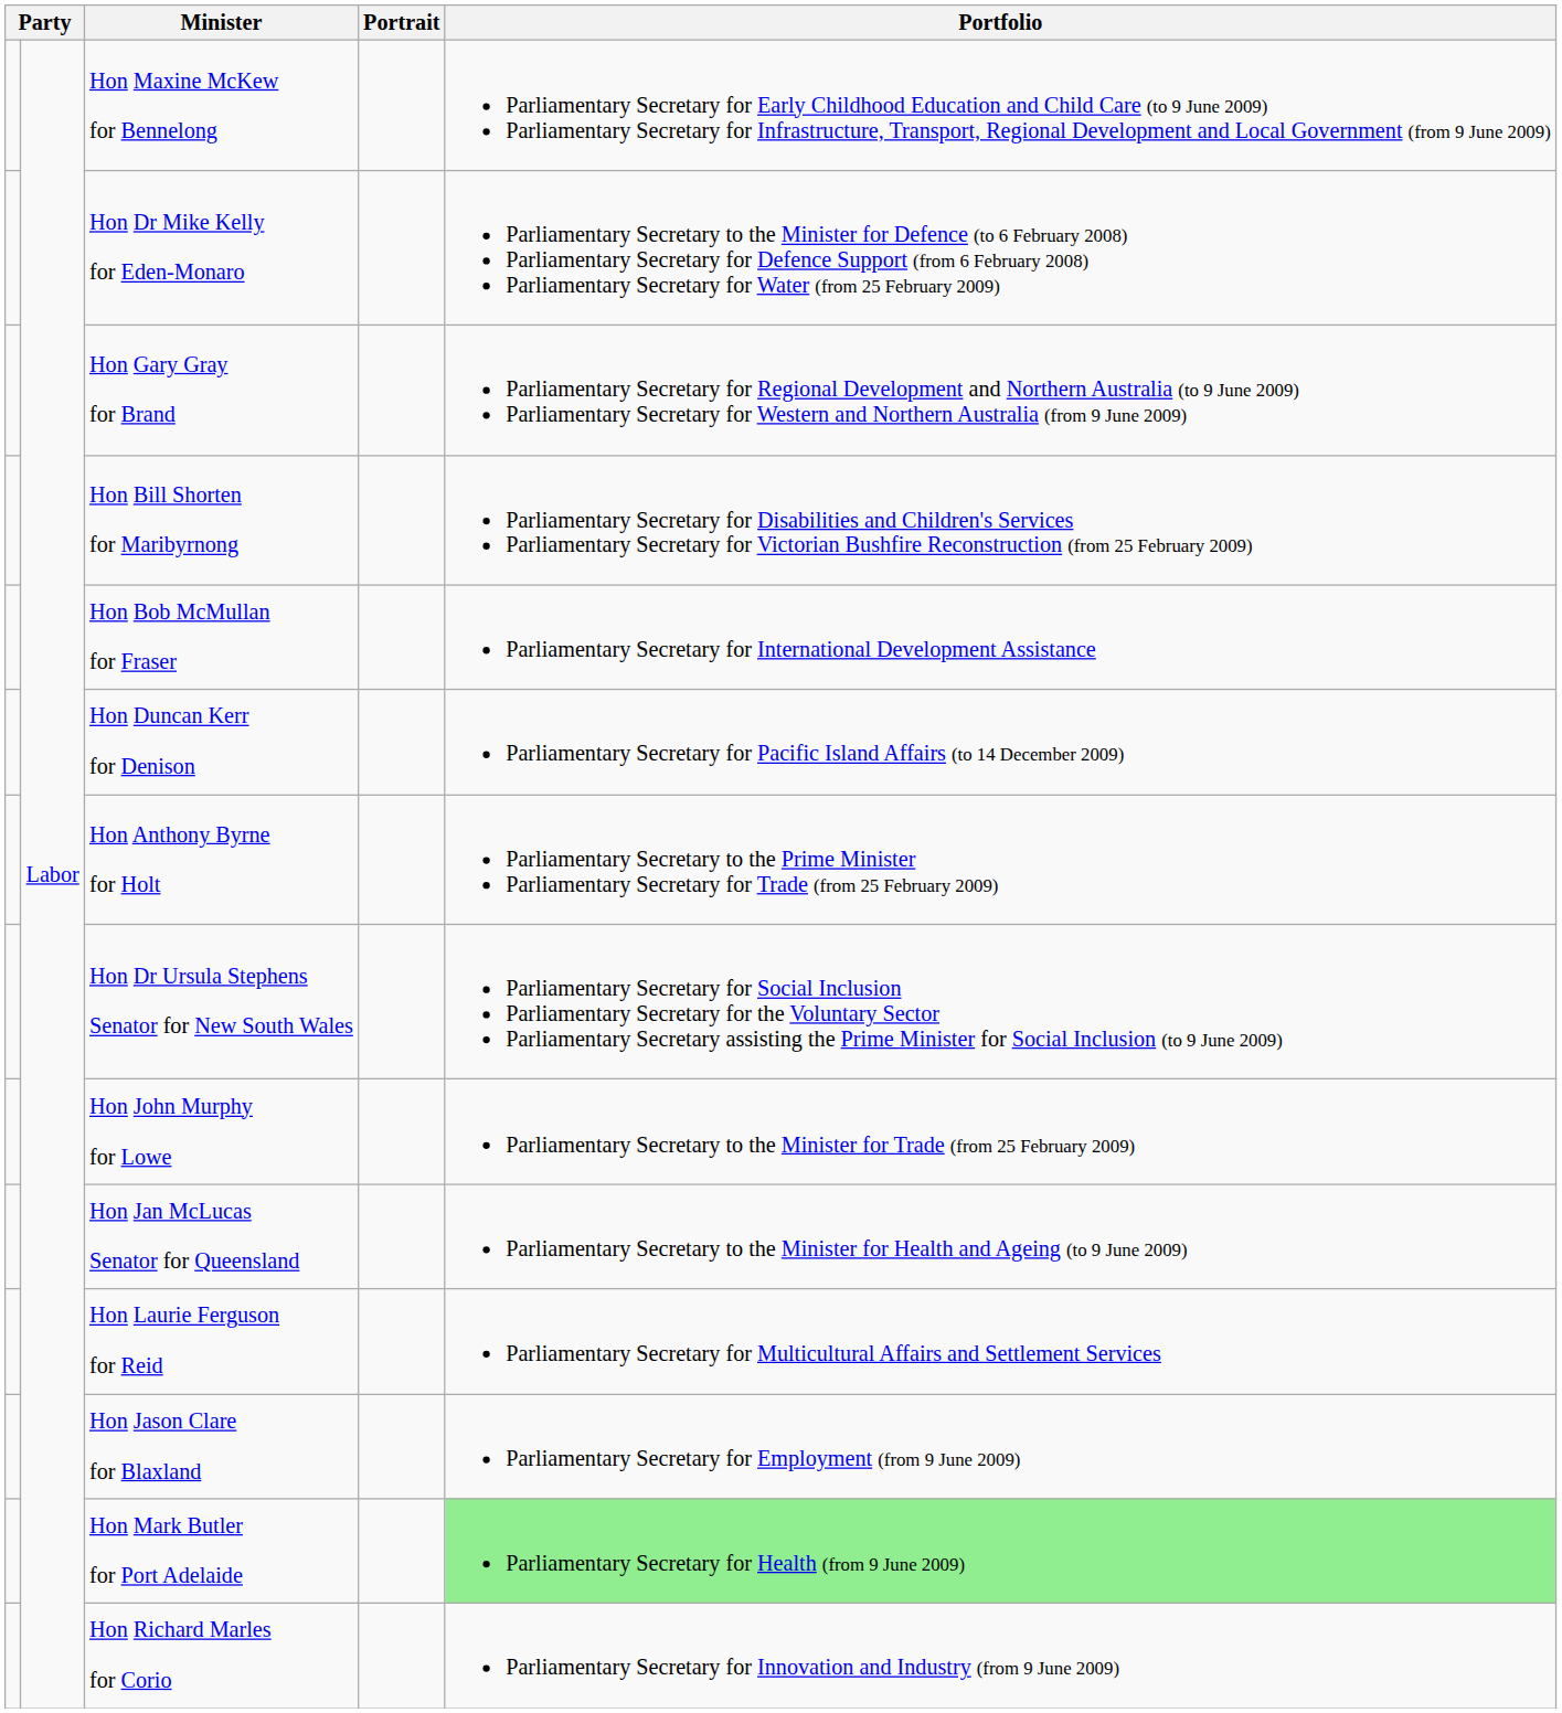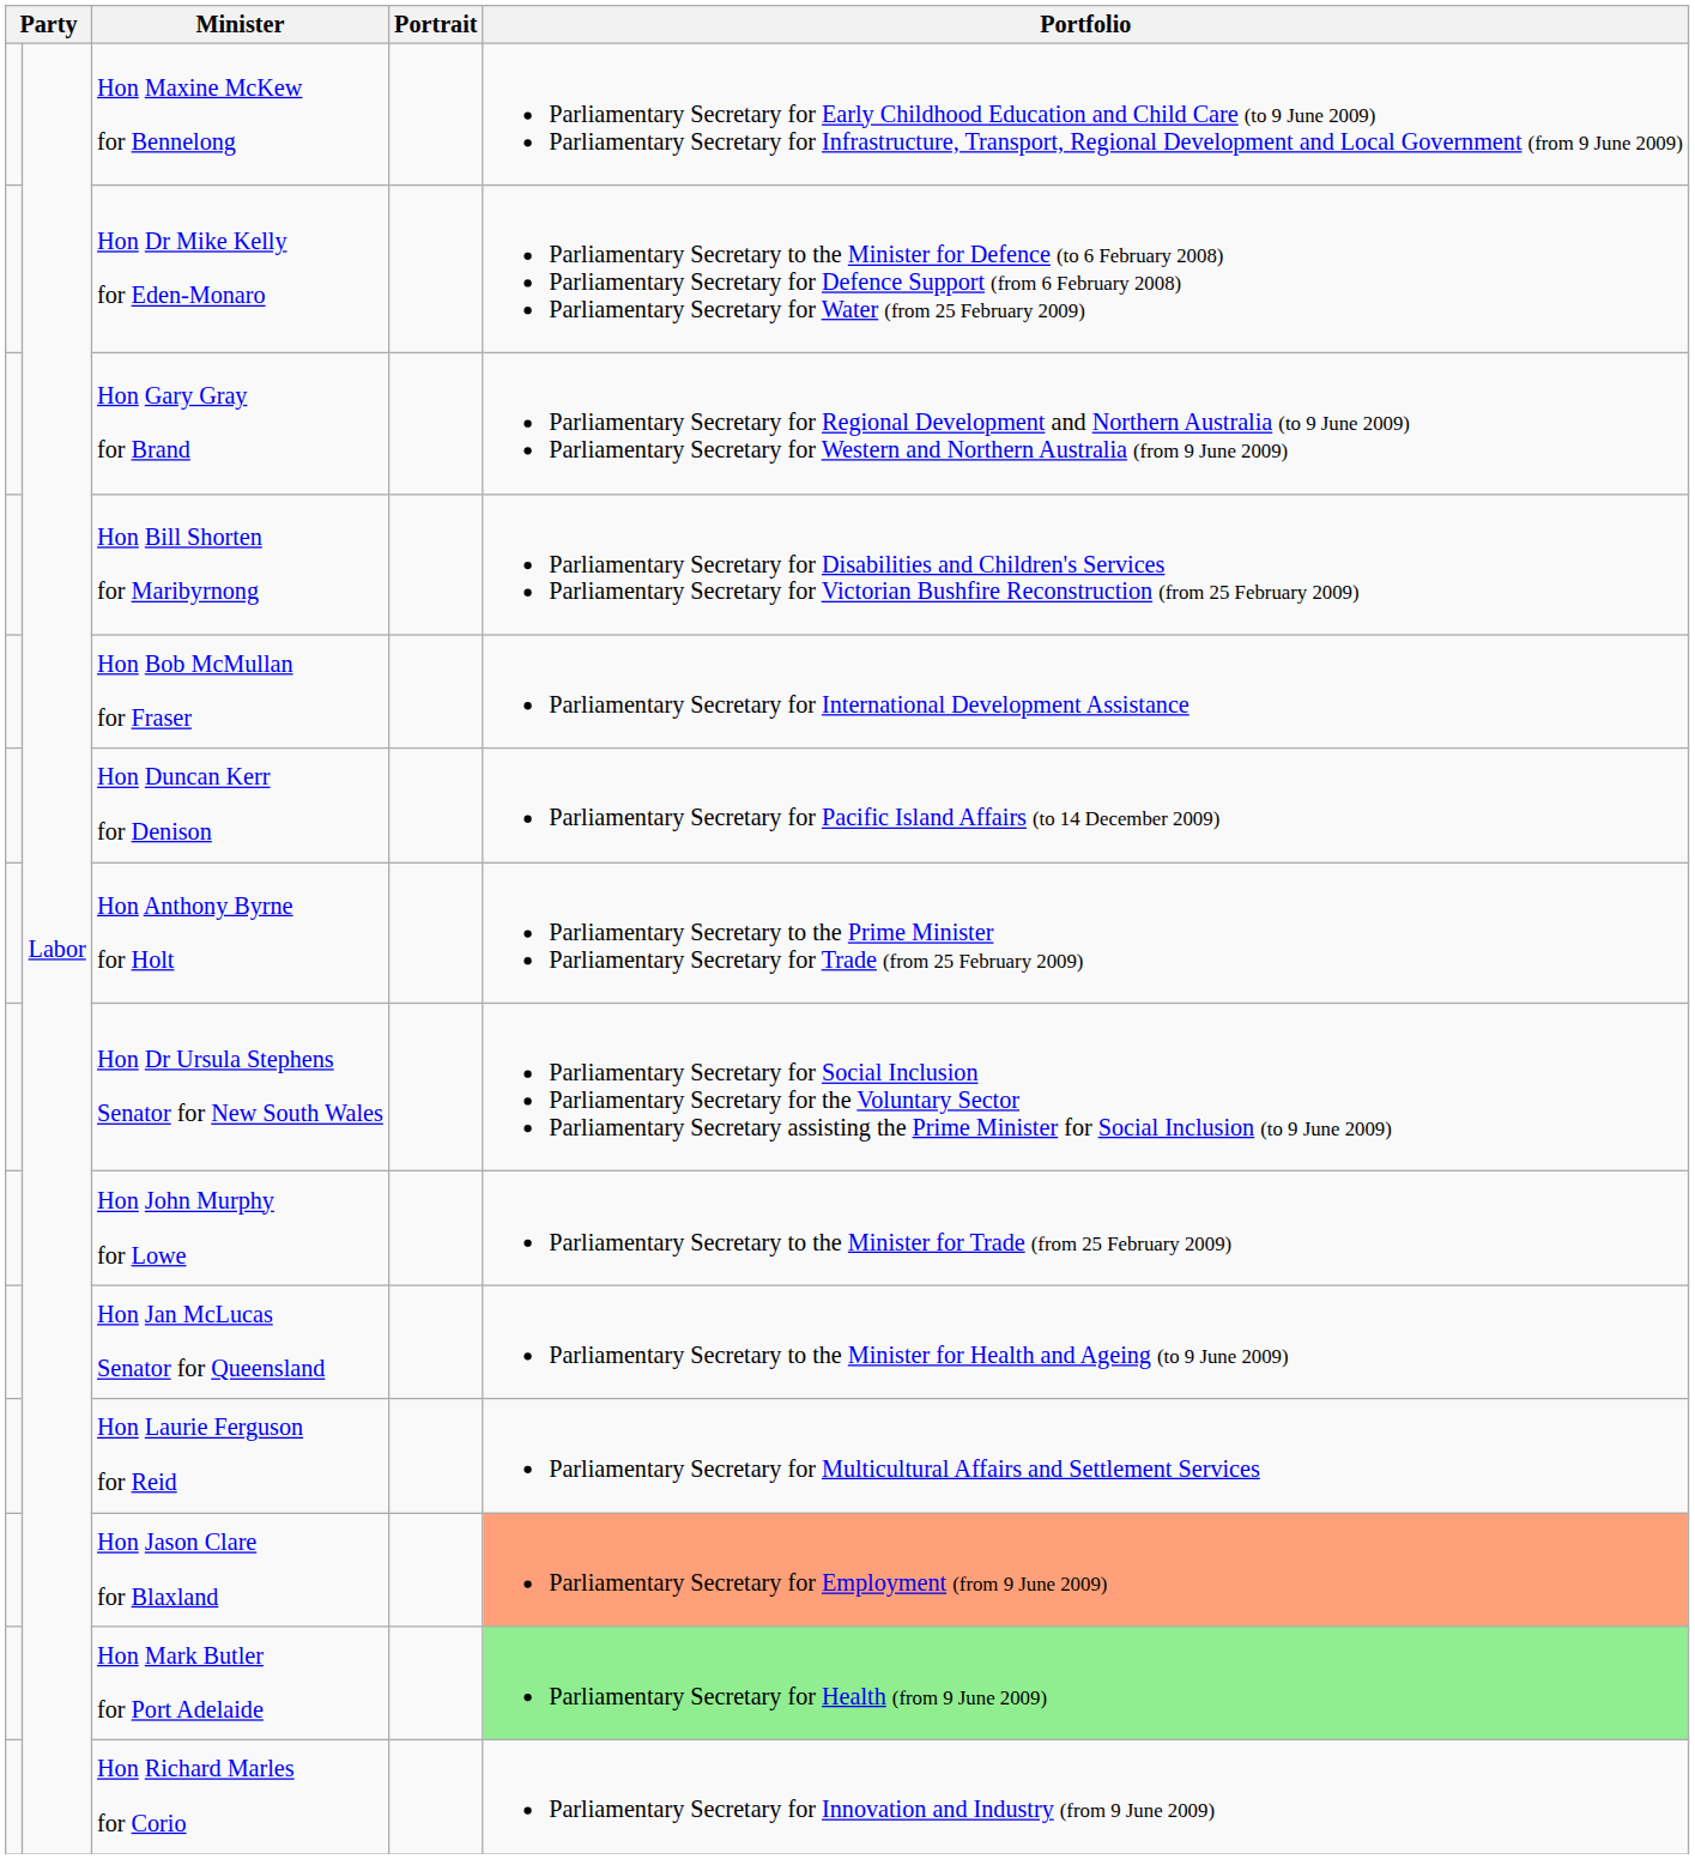 <table class="wikitable sortable">
 <tr>
 <th colspan="2">Party</th>
 <th>Minister</th>
 <th>Portrait</th>
 <th>Portfolio</th>
 </tr>
 <tr>
 <td> </td>
 <td rowspan=14><a href='#'>Labor</a></td>
 <td><a href='#'>Hon</a> <a href='#'>Maxine McKew</a> <br><br> for <a href='#'>Bennelong</a> <br></td>
 <td></td>
 <td><br><ul><li>Parliamentary Secretary for <a href='#'>Early Childhood Education and Child Care</a> <small>(to 9 June 2009)</small></li><li>Parliamentary Secretary for <a href='#'>Infrastructure, Transport, Regional Development and Local Government</a> <small>(from 9 June 2009)</small></li></ul></td>
 </tr>
 <tr>
 <td> </td>
 <td><a href='#'>Hon</a> <a href='#'>Dr Mike Kelly</a>  <br><br> for <a href='#'>Eden-Monaro</a> <br></td>
 <td></td>
 <td><br><ul><li>Parliamentary Secretary to the <a href='#'>Minister for Defence</a> <small>(to 6 February 2008)</small></li><li>Parliamentary Secretary for <a href='#'>Defence Support</a> <small>(from 6 February 2008)</small></li><li>Parliamentary Secretary for <a href='#'>Water</a> <small>(from 25 February 2009)</small></li></ul></td>
 </tr>
 <tr>
 <td> </td>
 <td><a href='#'>Hon</a> <a href='#'>Gary Gray</a>  <br><br> for <a href='#'>Brand</a> <br></td>
 <td></td>
 <td><br><ul><li>Parliamentary Secretary for <a href='#'>Regional Development</a> and <a href='#'>Northern Australia</a> <small>(to 9 June 2009)</small></li><li>Parliamentary Secretary for <a href='#'>Western and Northern Australia</a> <small>(from 9 June 2009)</small></li></ul></td>
 </tr>
 <tr>
 <td> </td>
 <td><a href='#'>Hon</a> <a href='#'>Bill Shorten</a> <br><br> for <a href='#'>Maribyrnong</a> <br></td>
 <td></td>
 <td><br><ul><li>Parliamentary Secretary for <a href='#'>Disabilities and Children's Services</a></li><li>Parliamentary Secretary for <a href='#'>Victorian Bushfire Reconstruction</a> <small>(from 25 February 2009)</small></li></ul></td>
 </tr>
 <tr>
 <td> </td>
 <td><a href='#'>Hon</a> <a href='#'>Bob McMullan</a> <br><br> for <a href='#'>Fraser</a> <br></td>
 <td></td>
 <td><br><ul><li>Parliamentary Secretary for <a href='#'>International Development Assistance</a></li></ul></td>
 </tr>
 <tr>
 <td> </td>
 <td><a href='#'>Hon</a> <a href='#'>Duncan Kerr</a>  <br><br> for <a href='#'>Denison</a> <br></td>
 <td></td>
 <td><br><ul><li>Parliamentary Secretary for <a href='#'>Pacific Island Affairs</a> <small>(to 14 December 2009)</small></li></ul></td>
 </tr>
 <tr>
 <td> </td>
 <td><a href='#'>Hon</a> <a href='#'>Anthony Byrne</a> <br><br> for <a href='#'>Holt</a> <br></td>
 <td></td>
 <td><br><ul><li>Parliamentary Secretary to the <a href='#'>Prime Minister</a></li><li>Parliamentary Secretary for <a href='#'>Trade</a> <small>(from 25 February 2009)</small></li></ul></td>
 </tr>
 <tr>
 <td> </td>
 <td><a href='#'>Hon</a> <a href='#'>Dr Ursula Stephens</a> <br><br><a href='#'>Senator</a> for <a href='#'>New South Wales</a> <br></td>
 <td></td>
 <td><br><ul><li>Parliamentary Secretary for <a href='#'>Social Inclusion</a></li><li>Parliamentary Secretary for the <a href='#'>Voluntary Sector</a></li><li>Parliamentary Secretary assisting the <a href='#'>Prime Minister</a> for <a href='#'>Social Inclusion</a> <small>(to 9 June 2009)</small></li></ul></td>
 </tr>
 <tr>
 <td> </td>
 <td><a href='#'>Hon</a> <a href='#'>John Murphy</a> <br><br> for <a href='#'>Lowe</a> <br></td>
 <td></td>
 <td><br><ul><li>Parliamentary Secretary to the <a href='#'>Minister for Trade</a> <small>(from 25 February 2009)</small></li></ul></td>
 </tr>
 <tr>
 <td> </td>
 <td><a href='#'>Hon</a> <a href='#'>Jan McLucas</a> <br><br><a href='#'>Senator</a> for <a href='#'>Queensland</a> <br></td>
 <td></td>
 <td><br><ul><li>Parliamentary Secretary to the <a href='#'>Minister for Health and Ageing</a> <small>(to 9 June 2009)</small></li></ul></td>
 </tr>
 <tr>
 <td> </td>
 <td><a href='#'>Hon</a> <a href='#'>Laurie Ferguson</a> <br><br> for <a href='#'>Reid</a> <br></td>
 <td></td>
 <td><br><ul><li>Parliamentary Secretary for <a href='#'>Multicultural Affairs and Settlement Services</a></li></ul></td>
 </tr>
 <tr>
 <td> </td>
 <td><a href='#'>Hon</a> <a href='#'>Jason Clare</a> <br><br> for <a href='#'>Blaxland</a> <br></td>
 <td></td>
-<td><br><ul><li>Parliamentary Secretary for <a href='#'>Employment</a> <small>(from 9 June 2009)</small></li></ul></td>
+<td style="background: lightsalmon;"><br><ul><li>Parliamentary Secretary for <a href='#'>Employment</a> <small>(from 9 June 2009)</small></li></ul></td>
 </tr>
 <tr>
 <td> </td>
 <td><a href='#'>Hon</a> <a href='#'>Mark Butler</a> <br><br> for <a href='#'>Port Adelaide</a> <br></td>
 <td></td>
 <td style="background: lightgreen;"><br><ul><li>Parliamentary Secretary for <a href='#'>Health</a> <small>(from 9 June 2009)</small></li></ul></td>
 </tr>
 <tr>
 <td> </td>
 <td><a href='#'>Hon</a> <a href='#'>Richard Marles</a> <br><br> for <a href='#'>Corio</a> <br></td>
 <td></td>
 <td><br><ul><li>Parliamentary Secretary for <a href='#'>Innovation and Industry</a> <small>(from 9 June 2009)</small></li></ul></td>
 </tr>
 </table>
